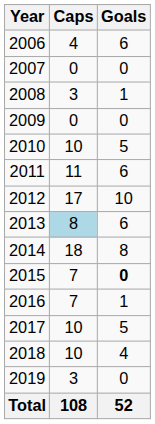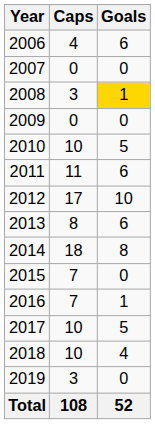 <table class="wikitable sortable" style="text-align:center">
 <tr>
 </tr>
 <tr>
 <th scope="col">Year</th>
 <th scope="col">Caps</th>
 <th scope="col">Goals</th>
 </tr>
 <tr>
 <td>2006</td>
 <td>4</td>
 <td>6</td>
 </tr>
 <tr>
 <td>2007</td>
 <td>0</td>
 <td>0</td>
 </tr>
 <tr>
 <td>2008</td>
 <td>3</td>
-<td>1</td>
+<td style="background: gold;">1</td>
 </tr>
 <tr>
 <td>2009</td>
 <td>0</td>
 <td>0</td>
 </tr>
 <tr>
 <td>2010</td>
 <td>10</td>
 <td>5</td>
 </tr>
 <tr>
 <td>2011</td>
 <td>11</td>
 <td>6</td>
 </tr>
 <tr>
 <td>2012</td>
 <td>17</td>
 <td>10</td>
 </tr>
 <tr>
 <td>2013</td>
-<td style="background: lightblue;">8</td>
+<td>8</td>
 <td>6</td>
 </tr>
 <tr>
 <td>2014</td>
 <td>18</td>
 <td>8</td>
 </tr>
 <tr>
 <td>2015</td>
 <td>7</td>
-<td><strong>0</strong></td>
+<td>0</td>
 </tr>
 <tr>
 <td>2016</td>
 <td>7</td>
 <td>1</td>
 </tr>
 <tr>
 <td>2017</td>
 <td>10</td>
 <td>5</td>
 </tr>
 <tr>
 <td>2018</td>
 <td>10</td>
 <td>4</td>
 </tr>
 <tr>
 <td>2019</td>
 <td>3</td>
 <td>0</td>
 </tr>
 <tr>
 <th>Total</th>
 <th>108</th>
 <th>52</th>
 </tr>
 </table>
